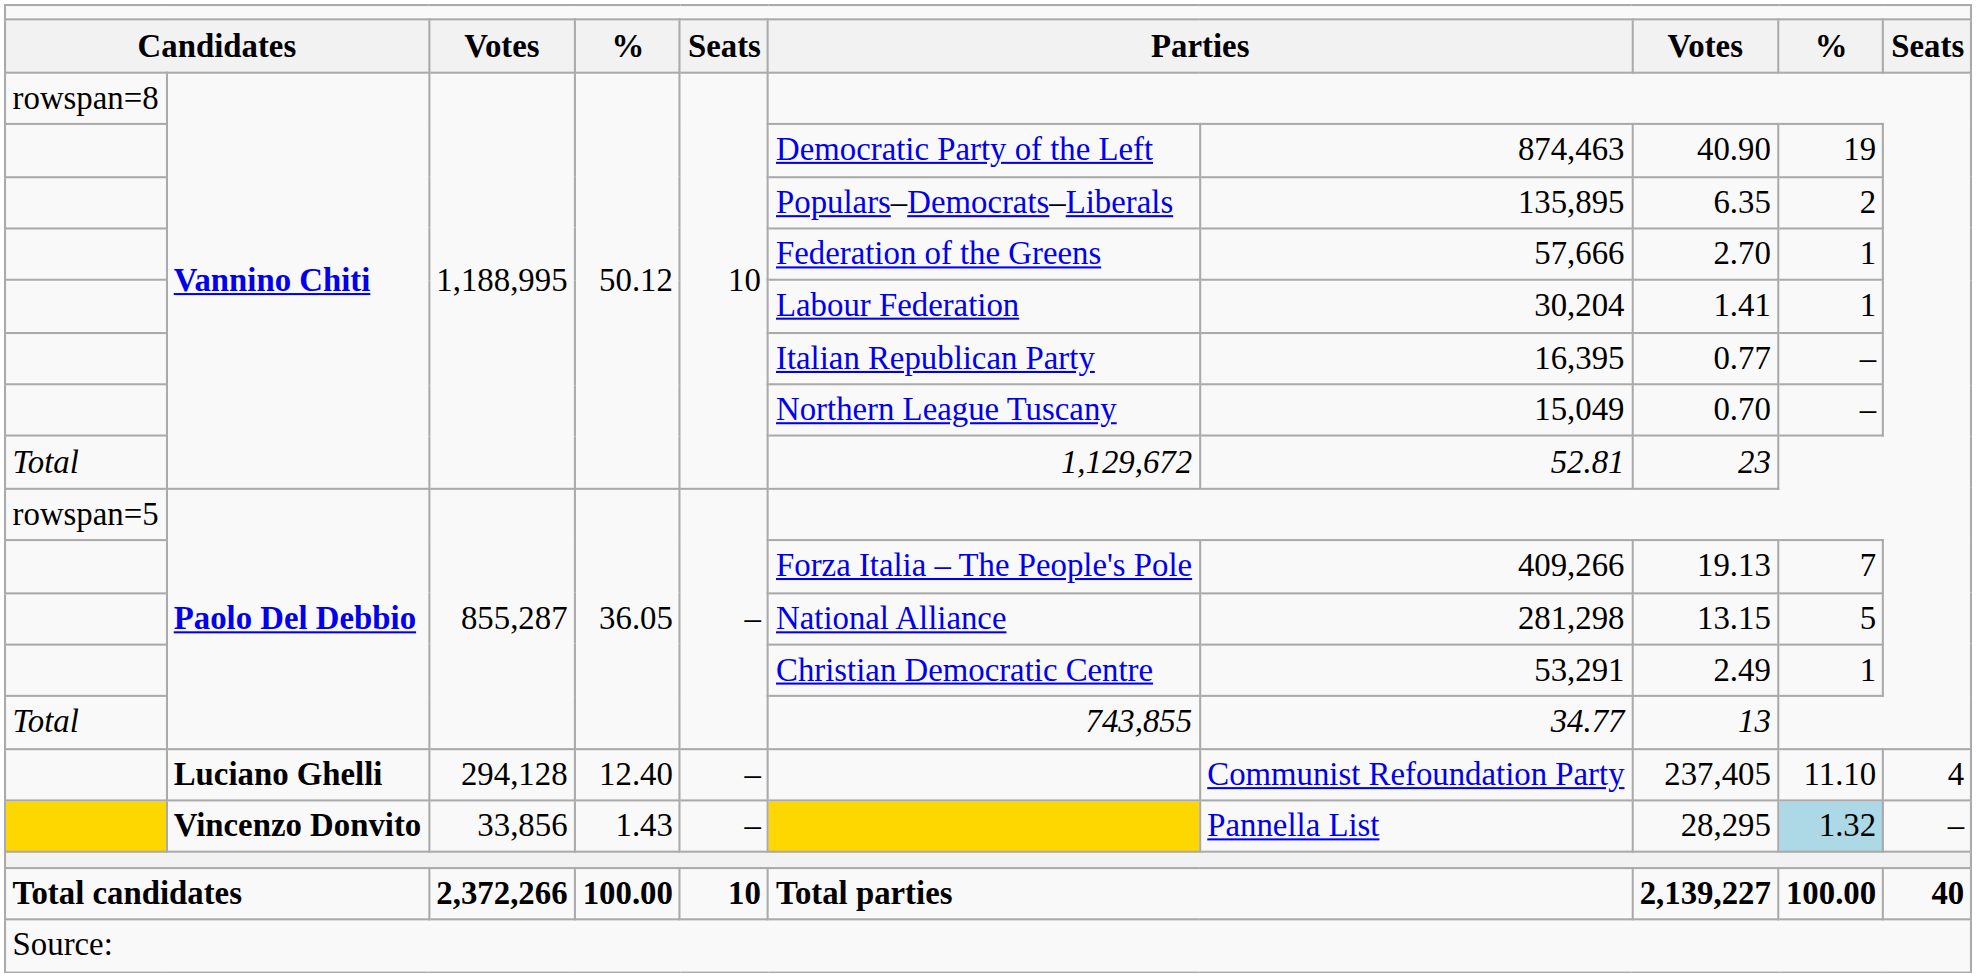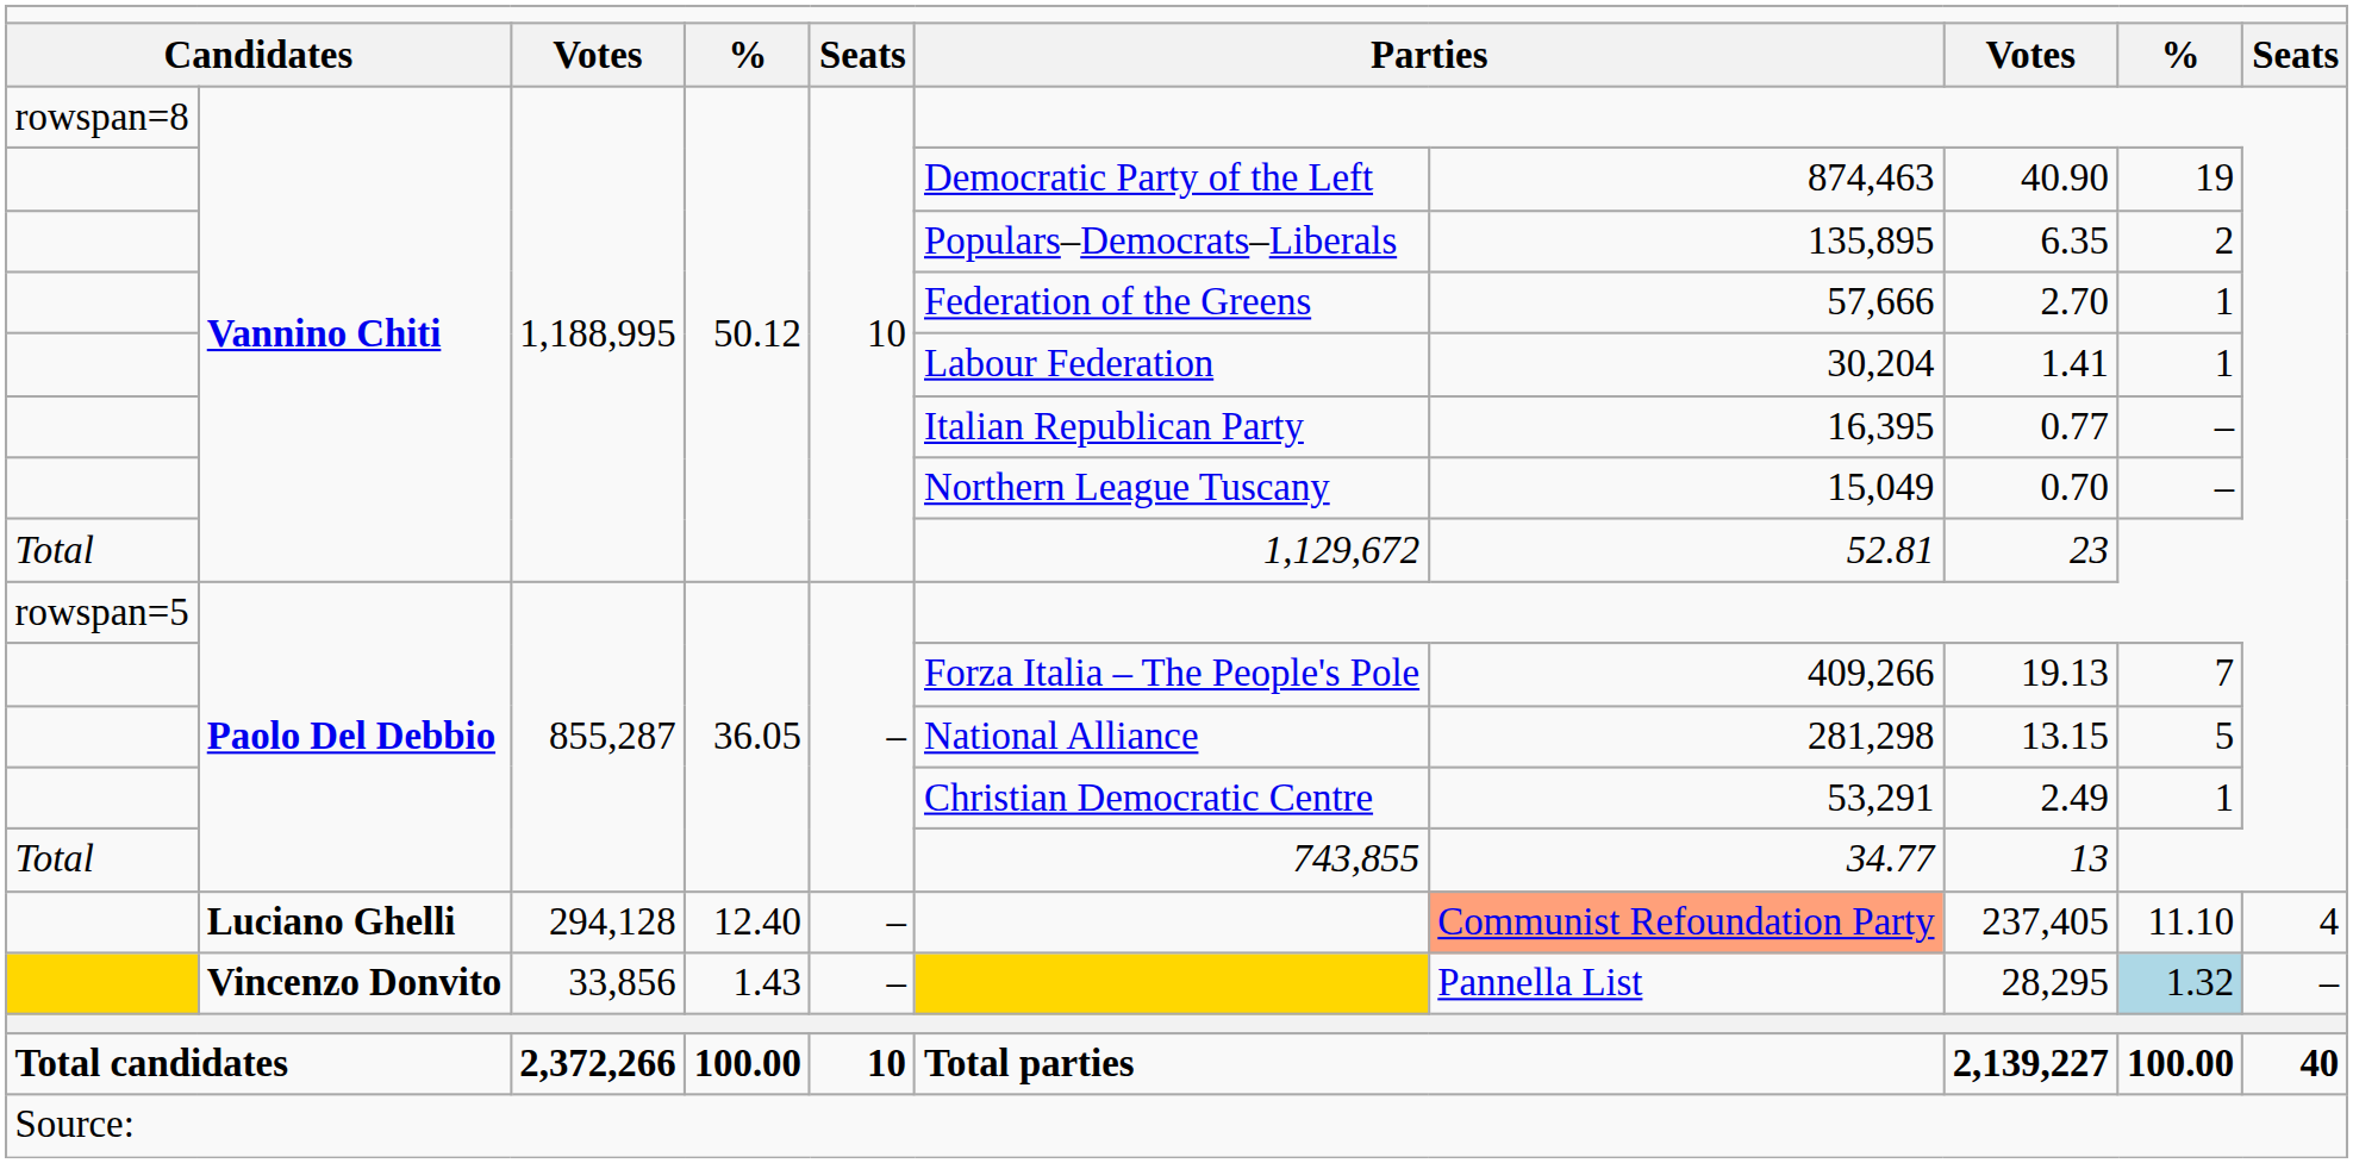 <table class="wikitable">
 <tr>
 <td colspan=10></td>
 </tr>
 <tr>
 <th colspan=2>Candidates</th>
 <th>Votes</th>
 <th>%</th>
 <th>Seats</th>
 <th colspan=2>Parties</th>
 <th>Votes</th>
 <th>%</th>
 <th>Seats</th>
 </tr>
 <tr>
 <td>rowspan=8 </td>
 <td rowspan=8><strong><a href='#'>Vannino Chiti</a></strong></td>
 <td rowspan=8 align=right>1,188,995</td>
 <td rowspan=8 align=right>50.12</td>
 <td rowspan=8 align=right>10</td>
 </tr>
 <tr>
 <td></td>
 <td align="left"><a href='#'>Democratic Party of the Left</a></td>
 <td align=right>874,463</td>
 <td align=right>40.90</td>
 <td align=right>19</td>
 </tr>
 <tr>
 <td></td>
 <td align="left"><a href='#'>Populars</a>–<a href='#'>Democrats</a>–<a href='#'>Liberals</a></td>
 <td align=right>135,895</td>
 <td align=right>6.35</td>
 <td align=right>2</td>
 </tr>
 <tr>
 <td></td>
 <td align="left"><a href='#'>Federation of the Greens</a></td>
 <td align=right>57,666</td>
 <td align=right>2.70</td>
 <td align=right>1</td>
 </tr>
 <tr>
 <td></td>
 <td align="left"><a href='#'>Labour Federation</a></td>
 <td align=right>30,204</td>
 <td align=right>1.41</td>
 <td align=right>1</td>
 </tr>
 <tr>
 <td></td>
 <td align="left"><a href='#'>Italian Republican Party</a></td>
 <td align=right>16,395</td>
 <td align=right>0.77</td>
 <td align=right>–</td>
 </tr>
 <tr>
 <td></td>
 <td align="left"><a href='#'>Northern League Tuscany</a></td>
 <td align=right>15,049</td>
 <td align=right>0.70</td>
 <td align=right>–</td>
 </tr>
 <tr>
 <td colspan=2><em>Total</em></td>
 <td align=right><em>1,129,672</em></td>
 <td align=right><em>52.81</em></td>
 <td align=right><em>23</em></td>
 </tr>
 <tr>
 <td>rowspan=5 </td>
 <td rowspan=5><strong><a href='#'>Paolo Del Debbio</a></strong></td>
 <td rowspan=5 align=right>855,287</td>
 <td rowspan=5 align=right>36.05</td>
 <td rowspan=5 align=right>–</td>
 </tr>
 <tr>
 <td></td>
 <td align="left"><a href='#'>Forza Italia – The People's Pole</a></td>
 <td align=right>409,266</td>
 <td align=right>19.13</td>
 <td align=right>7</td>
 </tr>
 <tr>
 <td></td>
 <td align="left"><a href='#'>National Alliance</a></td>
 <td align=right>281,298</td>
 <td align=right>13.15</td>
 <td align=right>5</td>
 </tr>
 <tr>
 <td></td>
 <td align="left"><a href='#'>Christian Democratic Centre</a></td>
 <td align=right>53,291</td>
 <td align=right>2.49</td>
 <td align=right>1</td>
 </tr>
 <tr>
 <td colspan=2><em>Total</em></td>
 <td align=right><em>743,855</em></td>
 <td align=right><em>34.77</em></td>
 <td align=right><em>13</em></td>
 </tr>
 <tr>
 <td></td>
 <td><strong>Luciano Ghelli</strong></td>
 <td align=right>294,128</td>
 <td align=right>12.40</td>
 <td align=right>–</td>
 <td></td>
-<td align="left"><a href='#'>Communist Refoundation Party</a></td>
+<td align="left" style="background: lightsalmon;"><a href='#'>Communist Refoundation Party</a></td>
 <td align=right>237,405</td>
 <td align=right>11.10</td>
 <td align=right>4</td>
 </tr>
 <tr>
 <td bgcolor="gold"></td>
 <td><strong>Vincenzo Donvito</strong></td>
 <td align=right>33,856</td>
 <td align=right>1.43</td>
 <td align=right>–</td>
 <td bgcolor="gold"></td>
 <td align="left"><a href='#'>Pannella List</a></td>
 <td align=right>28,295</td>
 <td align=right style="background: lightblue;">1.32</td>
 <td align=right>–</td>
 </tr>
 <tr>
 <th colspan=10></th>
 </tr>
 <tr>
 <td colspan=2><strong>Total candidates</strong></td>
 <td align=right><strong>2,372,266</strong></td>
 <td align=right><strong>100.00</strong></td>
 <td align=right><strong>10</strong></td>
 <td colspan=2><strong>Total parties</strong></td>
 <td align=right><strong>2,139,227</strong></td>
 <td align=right><strong>100.00</strong></td>
 <td align=right><strong>40</strong></td>
 </tr>
 <tr>
 <td colspan=10>Source: </td>
 </tr>
 </table>
